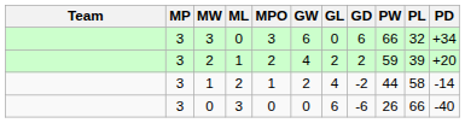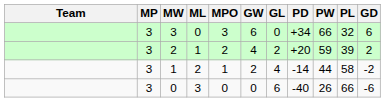 <table class=wikitable style="text-align:center">
 <tr>
 <th width=175>Team</th>
 <th width=20>MP</th>
 <th width=20>MW</th>
 <th width=20>ML</th>
 <th width=20>MPO</th>
 <th width=20>GW</th>
 <th width=20>GL</th>
-<th width=20>GD</th>
+<th width=20>PD</th>
 <th width=20>PW</th>
 <th width=20>PL</th>
-<th width=20>PD</th>
+<th width=20>GD</th>
 </tr>
 <tr bgcolor="#ccffcc">
 <td align=left><strong><br></strong></td>
 <td>3</td>
 <td>3</td>
 <td>0</td>
 <td>3</td>
 <td>6</td>
 <td>0</td>
-<td>6</td>
+<td>+34</td>
 <td>66</td>
 <td>32</td>
-<td>+34</td>
+<td>6</td>
 </tr>
 <tr bgcolor="#ccffcc">
 <td align=left><strong><br></strong></td>
 <td>3</td>
 <td>2</td>
 <td>1</td>
 <td>2</td>
 <td>4</td>
 <td>2</td>
-<td>2</td>
+<td>+20</td>
 <td>59</td>
 <td>39</td>
-<td>+20</td>
+<td>2</td>
 </tr>
 <tr>
 <td align=left><br></td>
 <td>3</td>
 <td>1</td>
 <td>2</td>
 <td>1</td>
 <td>2</td>
 <td>4</td>
-<td>-2</td>
+<td>-14</td>
 <td>44</td>
 <td>58</td>
-<td>-14</td>
+<td>-2</td>
 </tr>
 <tr>
 <td align=left><br></td>
 <td>3</td>
 <td>0</td>
 <td>3</td>
 <td>0</td>
 <td>0</td>
 <td>6</td>
-<td>-6</td>
+<td>-40</td>
 <td>26</td>
 <td>66</td>
-<td>-40</td>
+<td>-6</td>
 </tr>
 </table>
